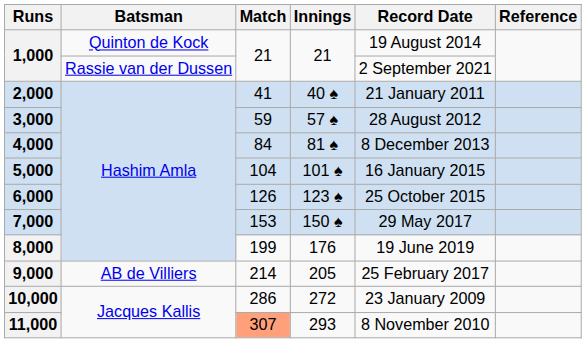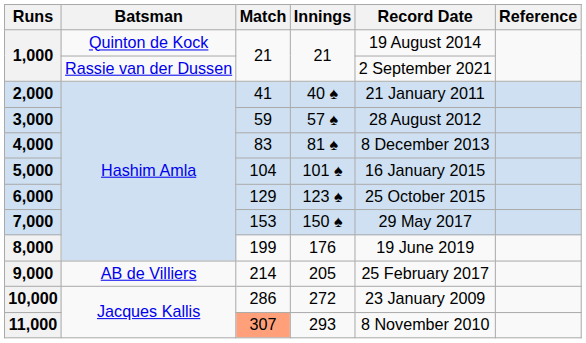 <table class="wikitable plainrowheaders sortable" style="text-align:center;">
 <tr>
 <th scope="col" style="text-align:center;">Runs</th>
 <th scope="col" style="text-align:center;">Batsman</th>
 <th scope="col" style="text-align:center;">Match</th>
 <th scope="col" style="text-align:center;">Innings</th>
 <th scope="col" style="text-align:center;">Record Date</th>
 <th scope="col">Reference</th>
 </tr>
 <tr>
 <th scope=row style=text-align:center; rowspan=2><strong>1,000</strong></th>
 <td><a href='#'>Quinton de Kock</a></td>
 <td rowspan=2>21</td>
 <td rowspan=2>21</td>
 <td>19 August 2014</td>
 <td rowspan=2></td>
 </tr>
 <tr>
 <td><a href='#'>Rassie van der Dussen</a></td>
 <td>2 September 2021</td>
 </tr>
 <tr bgcolor=#cee0f2>
 <th scope=row style="background:#cee0f2; text-align:center;"><strong>2,000</strong></th>
 <td rowspan=7><a href='#'>Hashim Amla</a></td>
 <td>41</td>
 <td>40 ♠</td>
 <td>21 January 2011</td>
 <td></td>
 </tr>
 <tr bgcolor=#cee0f2>
 <th scope=row style="background:#cee0f2; text-align:center;"><strong>3,000</strong></th>
 <td>59</td>
 <td>57 ♠</td>
 <td>28 August 2012</td>
 <td></td>
 </tr>
 <tr bgcolor=#cee0f2>
 <th scope=row style="background:#cee0f2; text-align:center;"><strong>4,000</strong></th>
-<td>84</td>
+<td>83</td>
 <td>81 ♠</td>
 <td>8 December 2013</td>
 <td></td>
 </tr>
 <tr bgcolor=#cee0f2>
 <th scope=row style="background:#cee0f2; text-align:center;"><strong>5,000</strong></th>
 <td>104</td>
 <td>101 ♠</td>
 <td>16 January 2015</td>
 <td></td>
 </tr>
 <tr bgcolor=#cee0f2>
 <th scope=row style="background:#cee0f2; text-align:center;"><strong>6,000</strong></th>
-<td>126</td>
+<td>129</td>
 <td>123 ♠</td>
 <td>25 October 2015</td>
 <td></td>
 </tr>
 <tr bgcolor=#cee0f2>
 <th scope=row style="background:#cee0f2; text-align:center;"><strong>7,000</strong></th>
 <td>153</td>
 <td>150 ♠</td>
 <td>29 May 2017</td>
 <td></td>
 </tr>
 <tr>
 <th scope=row style=text-align:center;><strong>8,000</strong></th>
 <td>199</td>
 <td>176</td>
 <td>19 June 2019 </td>
 <td></td>
 </tr>
 <tr>
 <th scope=row style=text-align:center;><strong>9,000</strong></th>
 <td><a href='#'>AB de Villiers</a></td>
 <td>214</td>
 <td>205</td>
 <td>25 February 2017</td>
 <td></td>
 </tr>
 <tr>
 <th scope=row style=text-align:center;><strong>10,000</strong></th>
 <td rowspan=2><a href='#'>Jacques Kallis</a></td>
 <td>286</td>
 <td>272</td>
 <td>23 January 2009</td>
 <td></td>
 </tr>
 <tr>
 <th scope=row style=text-align:center;><strong>11,000</strong></th>
 <td style="background: lightsalmon;">307</td>
 <td>293</td>
 <td>8 November 2010</td>
 <td></td>
 </tr>
 </table>
